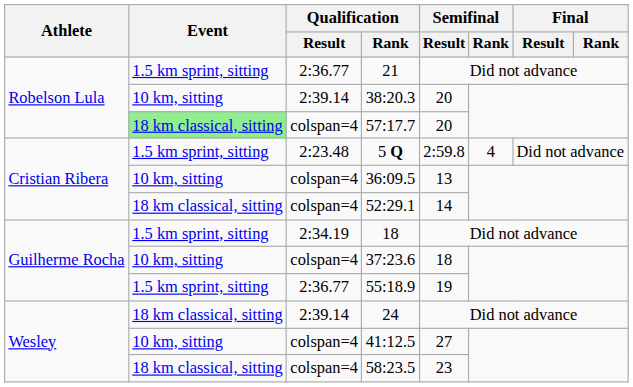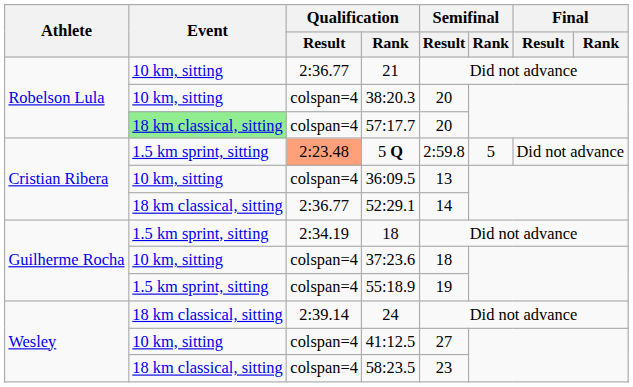 <table class="wikitable" style="font-size:90%">
 <tr>
 <th rowspan=2>Athlete</th>
 <th rowspan=2>Event</th>
 <th colspan=2>Qualification</th>
 <th colspan=2>Semifinal</th>
 <th colspan=2>Final</th>
 </tr>
 <tr style="font-size:95%">
 <th>Result</th>
 <th>Rank</th>
 <th>Result</th>
 <th>Rank</th>
 <th>Result</th>
 <th>Rank</th>
 </tr>
 <tr align=center>
 <td align=left rowspan=3><a href='#'>Robelson Lula</a></td>
-<td align=left><a href='#'>1.5 km sprint, sitting</a></td>
+<td align=left><a href='#'>10 km, sitting</a></td>
 <td>2:36.77</td>
 <td>21</td>
 <td colspan=4>Did not advance</td>
 </tr>
 <tr align=center>
 <td align=left><a href='#'>10 km, sitting</a></td>
-<td>2:39.14</td>
+<td>colspan=4 </td>
 <td>38:20.3</td>
 <td>20</td>
 </tr>
 <tr align=center>
 <td align=left style="background: lightgreen;"><a href='#'>18 km classical, sitting</a></td>
 <td>colspan=4 </td>
 <td>57:17.7</td>
 <td>20</td>
 </tr>
 <tr align=center>
 <td align=left rowspan=3><a href='#'>Cristian Ribera</a></td>
 <td align=left><a href='#'>1.5 km sprint, sitting</a></td>
-<td>2:23.48</td>
+<td style="background: lightsalmon;">2:23.48</td>
 <td>5 <strong>Q</strong></td>
 <td>2:59.8</td>
-<td>4</td>
+<td>5</td>
 <td colspan=2>Did not advance</td>
 </tr>
 <tr align=center>
 <td align=left><a href='#'>10 km, sitting</a></td>
 <td>colspan=4 </td>
 <td>36:09.5</td>
 <td>13</td>
 </tr>
 <tr align=center>
 <td align=left><a href='#'>18 km classical, sitting</a></td>
-<td>colspan=4 </td>
+<td>2:36.77</td>
 <td>52:29.1</td>
 <td>14</td>
 </tr>
 <tr align=center>
 <td align=left rowspan=3><a href='#'>Guilherme Rocha</a></td>
 <td align=left><a href='#'>1.5 km sprint, sitting</a></td>
 <td>2:34.19</td>
 <td>18</td>
 <td colspan=4>Did not advance</td>
 </tr>
 <tr align=center>
 <td align=left><a href='#'>10 km, sitting</a></td>
 <td>colspan=4 </td>
 <td>37:23.6</td>
 <td>18</td>
 </tr>
 <tr align=center>
 <td align=left><a href='#'>1.5 km sprint, sitting</a></td>
-<td>2:36.77</td>
+<td>colspan=4 </td>
 <td>55:18.9</td>
 <td>19</td>
 </tr>
 <tr align=center>
 <td align=left rowspan=3><a href='#'>Wesley </a></td>
 <td align=left><a href='#'>18 km classical, sitting</a></td>
 <td>2:39.14</td>
 <td>24</td>
 <td colspan=4>Did not advance</td>
 </tr>
 <tr align=center>
 <td align=left><a href='#'>10 km, sitting</a></td>
 <td>colspan=4 </td>
 <td>41:12.5</td>
 <td>27</td>
 </tr>
 <tr align=center>
 <td align=left><a href='#'>18 km classical, sitting</a></td>
 <td>colspan=4 </td>
 <td>58:23.5</td>
 <td>23</td>
 </tr>
 </table>
